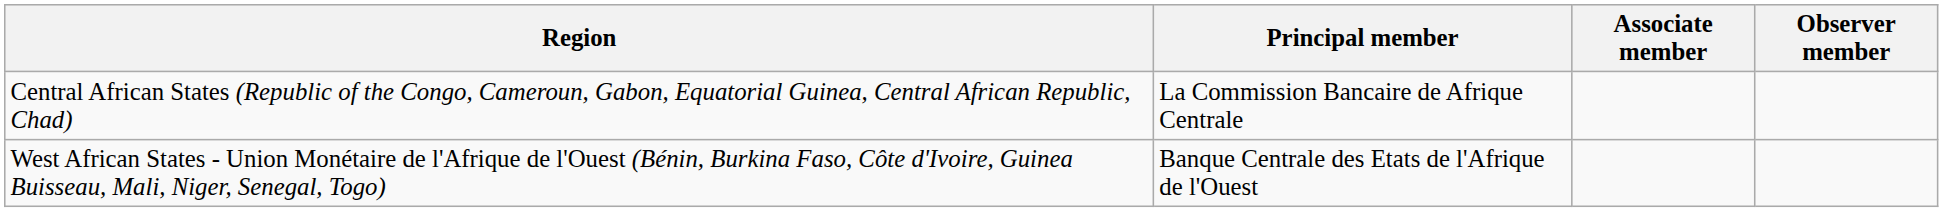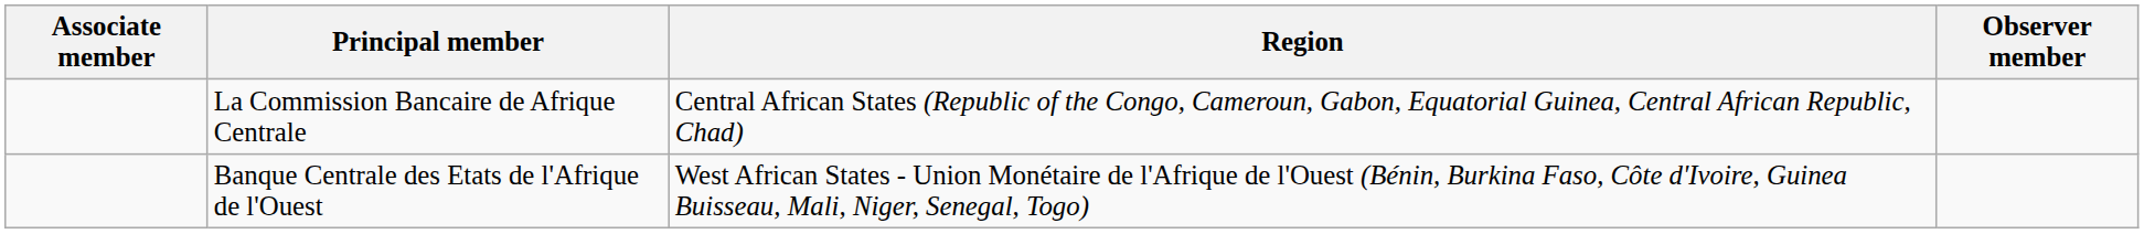 <table class="wikitable">
 <tr>
+<th>Associate member</th>
+<th>Principal member</th>
 <th>Region</th>
-<th>Principal member</th>
-<th>Associate member</th>
 <th>Observer member</th>
 </tr>
 <tr>
+<td></td>
+<td>La Commission Bancaire de Afrique Centrale</td>
 <td>Central African States <em>(Republic of the Congo, Cameroun, Gabon, Equatorial Guinea, Central African Republic, Chad)</em></td>
-<td>La Commission Bancaire de Afrique Centrale</td>
-<td></td>
 <td></td>
 </tr>
 <tr>
+<td></td>
+<td>Banque Centrale des Etats de l'Afrique de l'Ouest</td>
 <td>West African States - Union Monétaire de l'Afrique de l'Ouest <em>(Bénin, Burkina Faso, Côte d'Ivoire, Guinea Buisseau, Mali, Niger, Senegal, Togo)</em></td>
-<td>Banque Centrale des Etats de l'Afrique de l'Ouest</td>
-<td></td>
 <td></td>
 </tr>
 </table>
